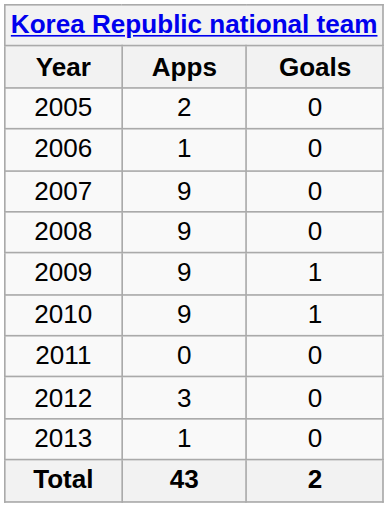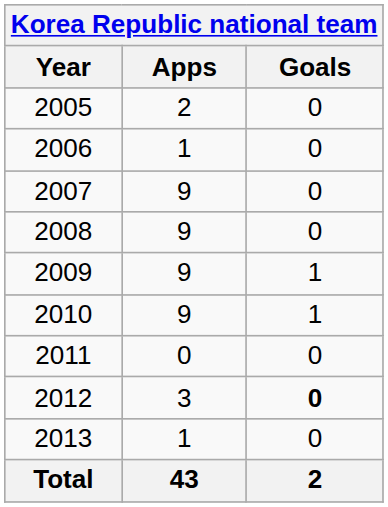 <table class="wikitable" style="text-align:center">
 <tr>
 <th colspan=3><a href='#'>Korea Republic national team</a></th>
 </tr>
 <tr>
 <th>Year</th>
 <th>Apps</th>
 <th>Goals</th>
 </tr>
 <tr>
 <td>2005</td>
 <td>2</td>
 <td>0</td>
 </tr>
 <tr>
 <td>2006</td>
 <td>1</td>
 <td>0</td>
 </tr>
 <tr>
 <td>2007</td>
 <td>9</td>
 <td>0</td>
 </tr>
 <tr>
 <td>2008</td>
 <td>9</td>
 <td>0</td>
 </tr>
 <tr>
 <td>2009</td>
 <td>9</td>
 <td>1</td>
 </tr>
 <tr>
 <td>2010</td>
 <td>9</td>
 <td>1</td>
 </tr>
 <tr>
 <td>2011</td>
 <td>0</td>
 <td>0</td>
 </tr>
 <tr>
 <td>2012</td>
 <td>3</td>
-<td>0</td>
+<td><strong>0</strong></td>
 </tr>
 <tr>
 <td>2013</td>
 <td>1</td>
 <td>0</td>
 </tr>
 <tr>
 <th>Total</th>
 <th>43</th>
 <th>2</th>
 </tr>
 </table>
